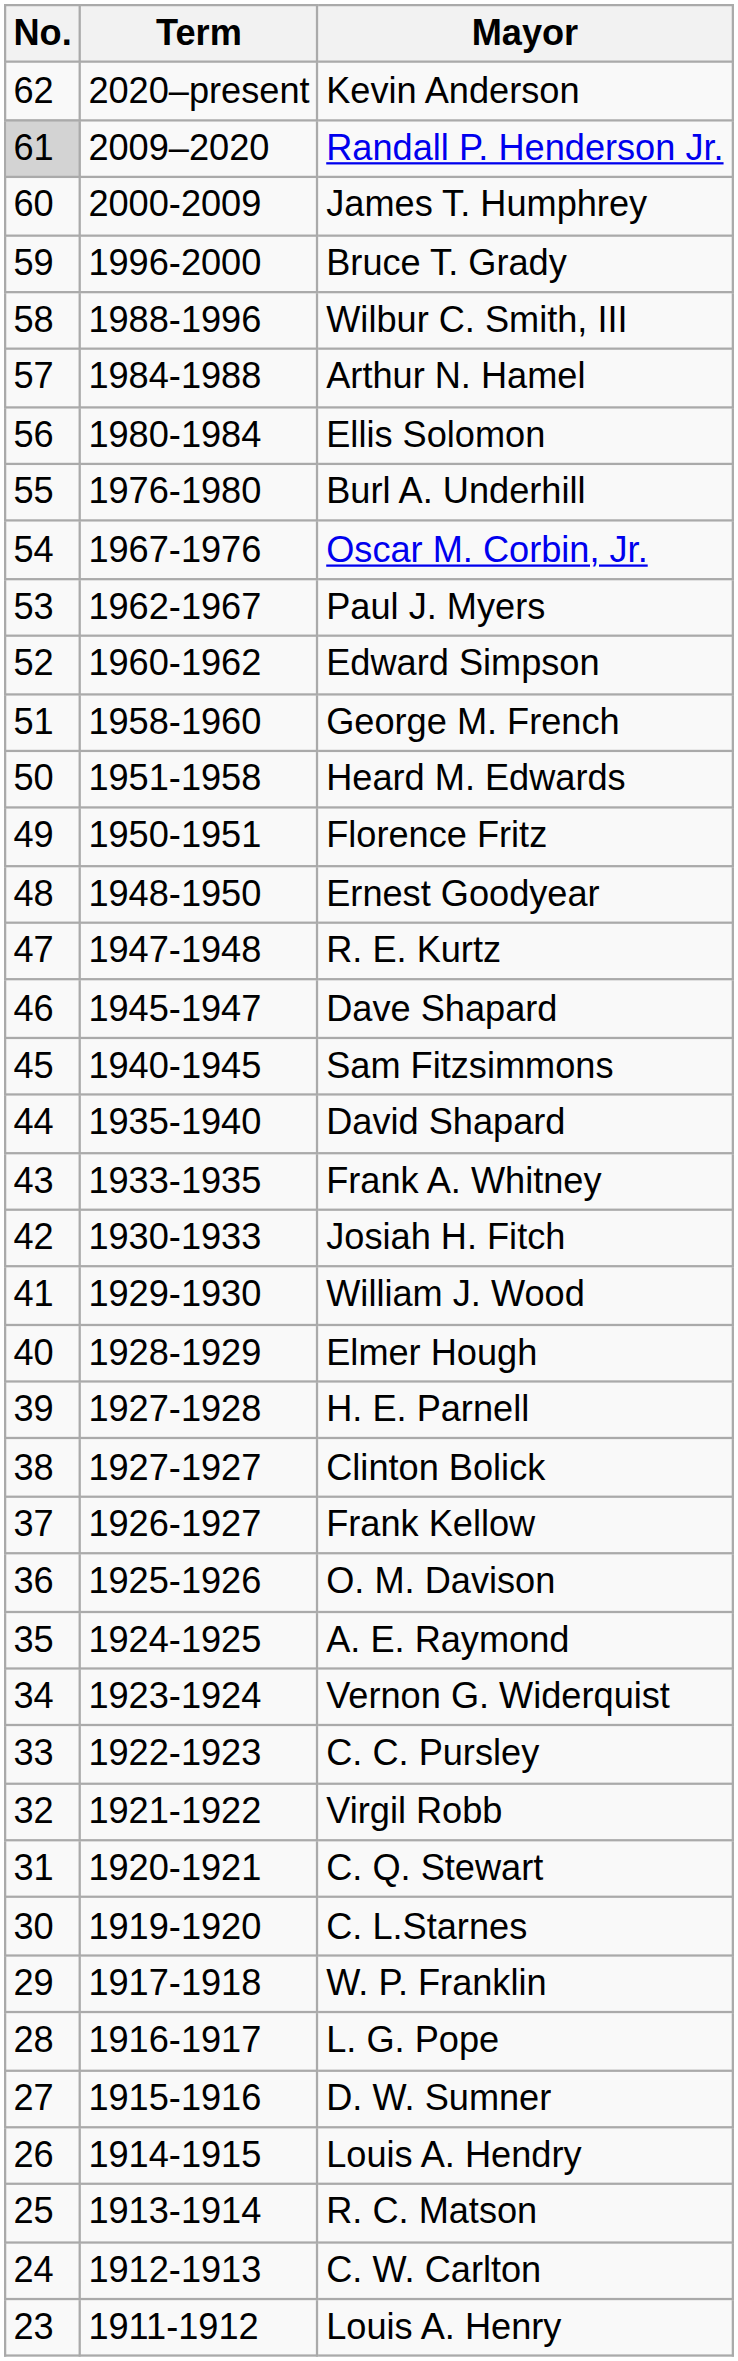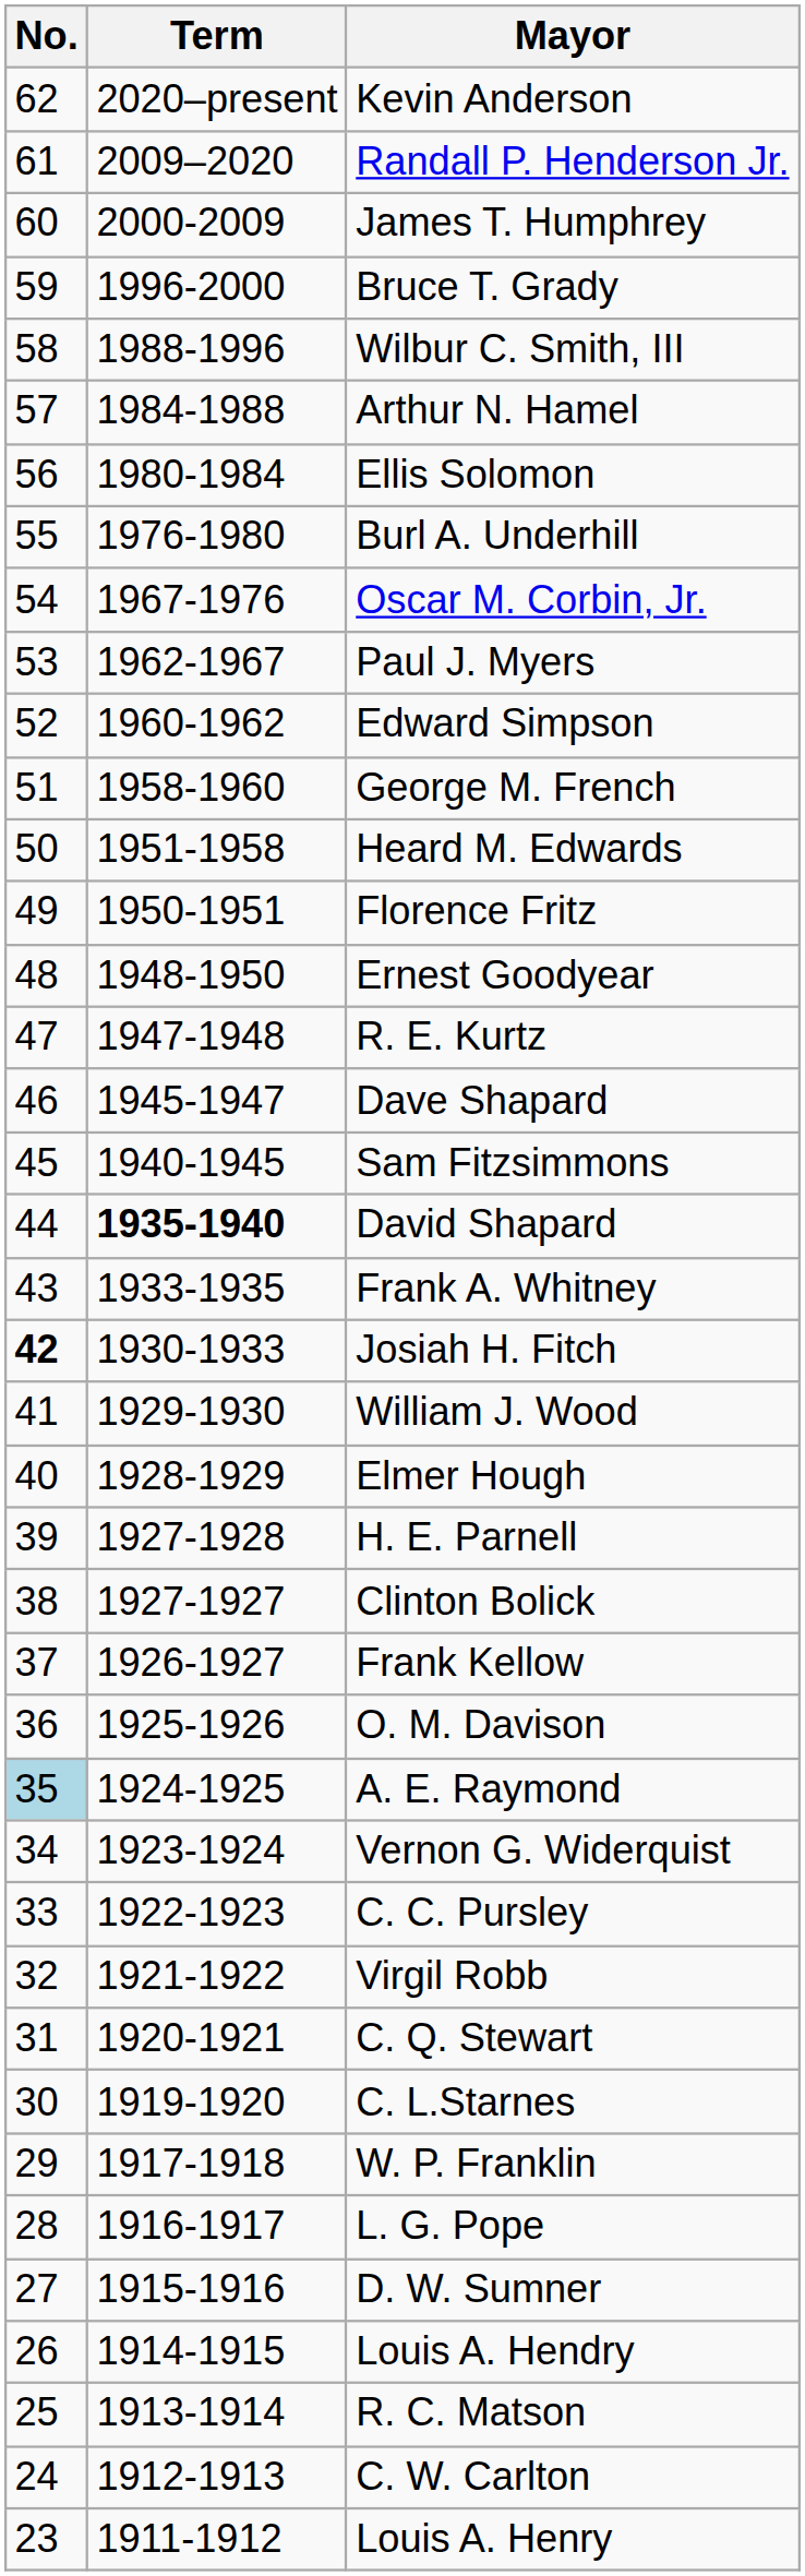 <table class="wikitable">
 <tr>
 <th>No.</th>
 <th>Term</th>
 <th>Mayor</th>
 </tr>
 <tr>
 <td>62</td>
 <td>2020–present</td>
 <td>Kevin Anderson</td>
 </tr>
 <tr>
-<td style="background: lightgrey;">61</td>
+<td>61</td>
 <td>2009–2020</td>
 <td><a href='#'>Randall P. Henderson Jr.</a></td>
 </tr>
 <tr>
 <td>60</td>
 <td>2000-2009</td>
 <td>James T. Humphrey</td>
 </tr>
 <tr>
 <td>59</td>
 <td>1996-2000</td>
 <td>Bruce T. Grady</td>
 </tr>
 <tr>
 <td>58</td>
 <td>1988-1996</td>
 <td>Wilbur C. Smith, III</td>
 </tr>
 <tr>
 <td>57</td>
 <td>1984-1988</td>
 <td>Arthur N. Hamel</td>
 </tr>
 <tr>
 <td>56</td>
 <td>1980-1984</td>
 <td>Ellis Solomon</td>
 </tr>
 <tr>
 <td>55</td>
 <td>1976-1980</td>
 <td>Burl A. Underhill</td>
 </tr>
 <tr>
 <td>54</td>
 <td>1967-1976</td>
 <td><a href='#'>Oscar M. Corbin, Jr.</a></td>
 </tr>
 <tr>
 <td>53</td>
 <td>1962-1967</td>
 <td>Paul J. Myers</td>
 </tr>
 <tr>
 <td>52</td>
 <td>1960-1962</td>
 <td>Edward Simpson</td>
 </tr>
 <tr>
 <td>51</td>
 <td>1958-1960</td>
 <td>George M. French</td>
 </tr>
 <tr>
 <td>50</td>
 <td>1951-1958</td>
 <td>Heard M. Edwards</td>
 </tr>
 <tr>
 <td>49</td>
 <td>1950-1951</td>
 <td>Florence Fritz</td>
 </tr>
 <tr>
 <td>48</td>
 <td>1948-1950</td>
 <td>Ernest Goodyear</td>
 </tr>
 <tr>
 <td>47</td>
 <td>1947-1948</td>
 <td>R. E. Kurtz</td>
 </tr>
 <tr>
 <td>46</td>
 <td>1945-1947</td>
 <td>Dave Shapard</td>
 </tr>
 <tr>
 <td>45</td>
 <td>1940-1945</td>
 <td>Sam Fitzsimmons</td>
 </tr>
 <tr>
 <td>44</td>
-<td>1935-1940</td>
+<td><strong>1935-1940</strong></td>
 <td>David Shapard</td>
 </tr>
 <tr>
 <td>43</td>
 <td>1933-1935</td>
 <td>Frank A. Whitney</td>
 </tr>
 <tr>
-<td>42</td>
+<td><strong>42</strong></td>
 <td>1930-1933</td>
 <td>Josiah H. Fitch</td>
 </tr>
 <tr>
 <td>41</td>
 <td>1929-1930</td>
 <td>William J. Wood</td>
 </tr>
 <tr>
 <td>40</td>
 <td>1928-1929</td>
 <td>Elmer Hough</td>
 </tr>
 <tr>
 <td>39</td>
 <td>1927-1928</td>
 <td>H. E. Parnell</td>
 </tr>
 <tr>
 <td>38</td>
 <td>1927-1927</td>
 <td>Clinton Bolick</td>
 </tr>
 <tr>
 <td>37</td>
 <td>1926-1927</td>
 <td>Frank Kellow</td>
 </tr>
 <tr>
 <td>36</td>
 <td>1925-1926</td>
 <td>O. M. Davison</td>
 </tr>
 <tr>
-<td>35</td>
+<td style="background: lightblue;">35</td>
 <td>1924-1925</td>
 <td>A. E. Raymond</td>
 </tr>
 <tr>
 <td>34</td>
 <td>1923-1924</td>
 <td>Vernon G. Widerquist</td>
 </tr>
 <tr>
 <td>33</td>
 <td>1922-1923</td>
 <td>C. C. Pursley</td>
 </tr>
 <tr>
 <td>32</td>
 <td>1921-1922</td>
 <td>Virgil Robb</td>
 </tr>
 <tr>
 <td>31</td>
 <td>1920-1921</td>
 <td>C. Q. Stewart</td>
 </tr>
 <tr>
 <td>30</td>
 <td>1919-1920</td>
 <td>C. L.Starnes</td>
 </tr>
 <tr>
 <td>29</td>
 <td>1917-1918</td>
 <td>W. P. Franklin</td>
 </tr>
 <tr>
 <td>28</td>
 <td>1916-1917</td>
 <td>L. G. Pope</td>
 </tr>
 <tr>
 <td>27</td>
 <td>1915-1916</td>
 <td>D. W. Sumner</td>
 </tr>
 <tr>
 <td>26</td>
 <td>1914-1915</td>
 <td>Louis A. Hendry</td>
 </tr>
 <tr>
 <td>25</td>
 <td>1913-1914</td>
 <td>R. C. Matson</td>
 </tr>
 <tr>
 <td>24</td>
 <td>1912-1913</td>
 <td>C. W. Carlton</td>
 </tr>
 <tr>
 <td>23</td>
 <td>1911-1912</td>
 <td>Louis A. Henry</td>
 </tr>
 </table>
